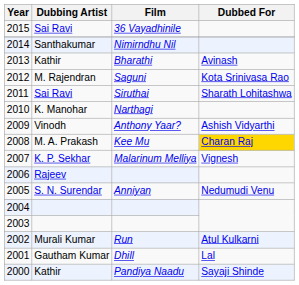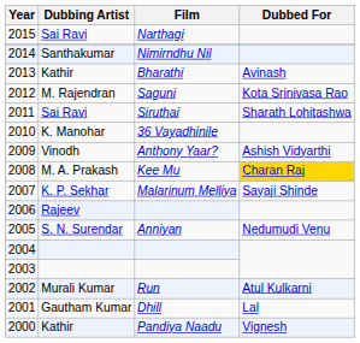 <table class="wikitable">
 <tr>
 <th>Year</th>
 <th>Dubbing Artist</th>
 <th>Film</th>
 <th>Dubbed For</th>
 </tr>
 <tr>
 <td>2015</td>
 <td><a href='#'>Sai Ravi</a></td>
-<td><em><a href='#'>36 Vayadhinile</a></em></td>
+<td><em><a href='#'>Narthagi</a></em></td>
 <td></td>
 </tr>
 <tr>
 </tr>
 <tr bgcolor=#edf3fe>
 <td>2014</td>
 <td>Santhakumar</td>
 <td><em><a href='#'>Nimirndhu Nil</a></em></td>
 <td></td>
 </tr>
 <tr>
 <td>2013</td>
 <td>Kathir</td>
 <td><em><a href='#'>Bharathi</a></em></td>
 <td><a href='#'>Avinash</a></td>
 </tr>
 <tr>
 <td>2012</td>
 <td>M. Rajendran</td>
 <td><em><a href='#'>Saguni</a></em></td>
 <td><a href='#'>Kota Srinivasa Rao</a></td>
 </tr>
 <tr>
 <td>2011</td>
 <td><a href='#'>Sai Ravi</a></td>
 <td><em><a href='#'>Siruthai</a></em></td>
 <td><a href='#'>Sharath Lohitashwa</a></td>
 </tr>
 <tr>
 <td>2010</td>
 <td>K. Manohar</td>
-<td><em><a href='#'>Narthagi</a></em></td>
+<td><em><a href='#'>36 Vayadhinile</a></em></td>
 <td></td>
 </tr>
 <tr>
 <td>2009</td>
 <td>Vinodh</td>
 <td><em><a href='#'>Anthony Yaar?</a></em></td>
 <td><a href='#'>Ashish Vidyarthi</a></td>
 </tr>
 <tr>
 <td>2008</td>
 <td>M. A. Prakash</td>
 <td><em><a href='#'>Kee Mu</a></em></td>
 <td style="background: gold;"><a href='#'>Charan Raj</a></td>
 </tr>
 <tr>
 <td>2007</td>
 <td><a href='#'>K. P. Sekhar</a></td>
 <td><em><a href='#'>Malarinum Melliya</a></em></td>
-<td><a href='#'>Vignesh</a></td>
+<td><a href='#'>Sayaji Shinde</a></td>
 </tr>
 <tr bgcolor=#edf3fe>
 <td>2006</td>
 <td><a href='#'>Rajeev</a></td>
 <td></td>
 </tr>
 <tr>
 <td>2005</td>
 <td><a href='#'>S. N. Surendar</a></td>
 <td><em><a href='#'>Anniyan</a></em></td>
 <td><a href='#'>Nedumudi Venu</a></td>
 </tr>
 <tr anniyan bgcolor=#edf3fe>
 <td>2004</td>
 <td></td>
 <td></td>
 </tr>
 <tr>
 <td>2003</td>
 <td></td>
 <td></td>
 </tr>
 <tr bgcolor=#edf3fe>
 <td>2002</td>
 <td>Murali Kumar</td>
 <td><em><a href='#'>Run</a></em></td>
 <td><a href='#'>Atul Kulkarni</a></td>
 </tr>
 <tr>
 <td>2001</td>
 <td>Gautham Kumar</td>
 <td><em><a href='#'>Dhill</a></em></td>
 <td><a href='#'>Lal</a></td>
 </tr>
 <tr bgcolor=#edf3fe>
 <td>2000</td>
 <td>Kathir</td>
 <td><em><a href='#'>Pandiya Naadu</a></em></td>
-<td><a href='#'>Sayaji Shinde</a></td>
+<td><a href='#'>Vignesh</a></td>
 </tr>
 </table>
